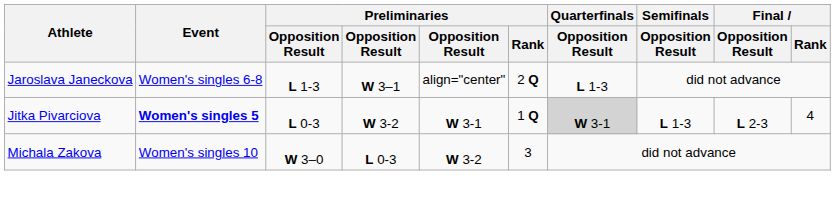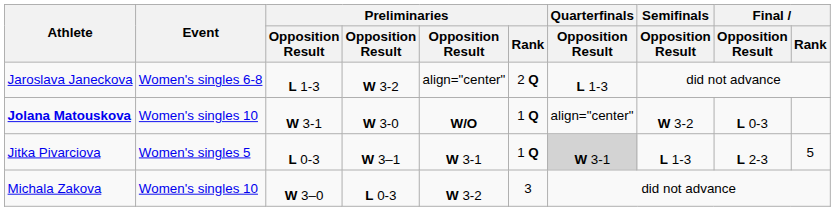 <table class=wikitable style="font-size:90%">
 <tr>
 <th rowspan="2">Athlete</th>
 <th rowspan="2">Event</th>
 <th colspan="4">Preliminaries</th>
 <th>Quarterfinals</th>
 <th>Semifinals</th>
 <th colspan="2">Final / </th>
 </tr>
 <tr>
 <th>Opposition<br>Result</th>
 <th>Opposition<br>Result</th>
 <th>Opposition<br>Result</th>
 <th>Rank</th>
 <th>Opposition<br>Result</th>
 <th>Opposition<br>Result</th>
 <th>Opposition<br>Result</th>
 <th>Rank</th>
 </tr>
 <tr>
 <td><a href='#'>Jaroslava Janeckova</a></td>
 <td><a href='#'>Women's singles 6-8</a></td>
 <td align="center"><br><strong>L</strong> 1-3</td>
-<td align="center"><br><strong>W</strong> 3–1</td>
+<td align="center"><br><strong>W</strong> 3-2</td>
 <td>align="center" </td>
 <td align="center">2 <strong>Q</strong></td>
 <td align="center"><br><strong>L</strong> 1-3</td>
 <td align="center" colspan="3">did not advance</td>
 </tr>
 <tr>
+<td><strong><a href='#'>Jolana Matouskova</a></strong></td>
+<td><a href='#'>Women's singles 10</a></td>
+<td align="center"><br><strong>W</strong> 3-1</td>
+<td align="center"><br><strong>W</strong> 3-0</td>
+<td align="center"><br><strong>W/O</strong></td>
+<td align="center">1 <strong>Q</strong></td>
+<td>align="center" </td>
+<td align="center"><br><strong>W</strong> 3-2</td>
+<td align="center"><br><strong>L</strong> 0-3</td>
+<td align="center"></td>
+</tr>
+<tr>
 <td><a href='#'>Jitka Pivarciova</a></td>
-<td><strong><a href='#'>Women's singles 5</a></strong></td>
+<td><a href='#'>Women's singles 5</a></td>
 <td align="center"><br><strong>L</strong> 0-3</td>
-<td align="center"><br><strong>W</strong> 3-2</td>
+<td align="center"><br><strong>W</strong> 3–1</td>
 <td align="center"><br><strong>W</strong> 3-1</td>
 <td align="center">1 <strong>Q</strong></td>
 <td align="center" style="background: lightgrey;"><br><strong>W</strong> 3-1</td>
 <td align="center"><br><strong>L</strong> 1-3</td>
 <td align="center"><br><strong>L</strong> 2-3</td>
-<td align="center">4</td>
+<td align="center">5</td>
 </tr>
 <tr>
 <td><a href='#'>Michala Zakova</a></td>
 <td><a href='#'>Women's singles 10</a></td>
 <td align="center"><br><strong>W</strong> 3–0</td>
 <td align="center"><br><strong>L</strong> 0-3</td>
 <td align="center"><br><strong>W</strong> 3-2</td>
 <td align="center">3</td>
 <td align="center" colspan="4">did not advance</td>
 </tr>
 </table>
